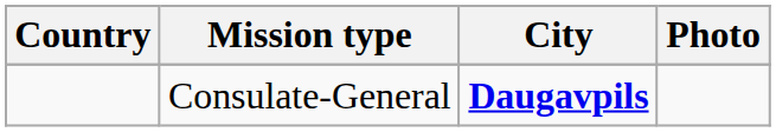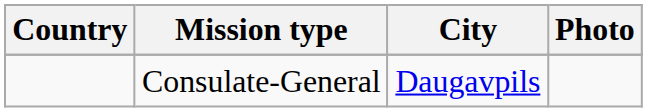 <table class="wikitable sortable">
 <tr valign="middle">
 <th>Country</th>
 <th>Mission type</th>
 <th>City</th>
 <th>Photo</th>
 </tr>
 <tr style="font-weight:bold; background-color: #DDDDDD">
 </tr>
 <tr>
 <td></td>
 <td>Consulate-General</td>
-<td><strong><a href='#'>Daugavpils</a></strong></td>
+<td><a href='#'>Daugavpils</a></td>
 <td></td>
 </tr>
 </table>
